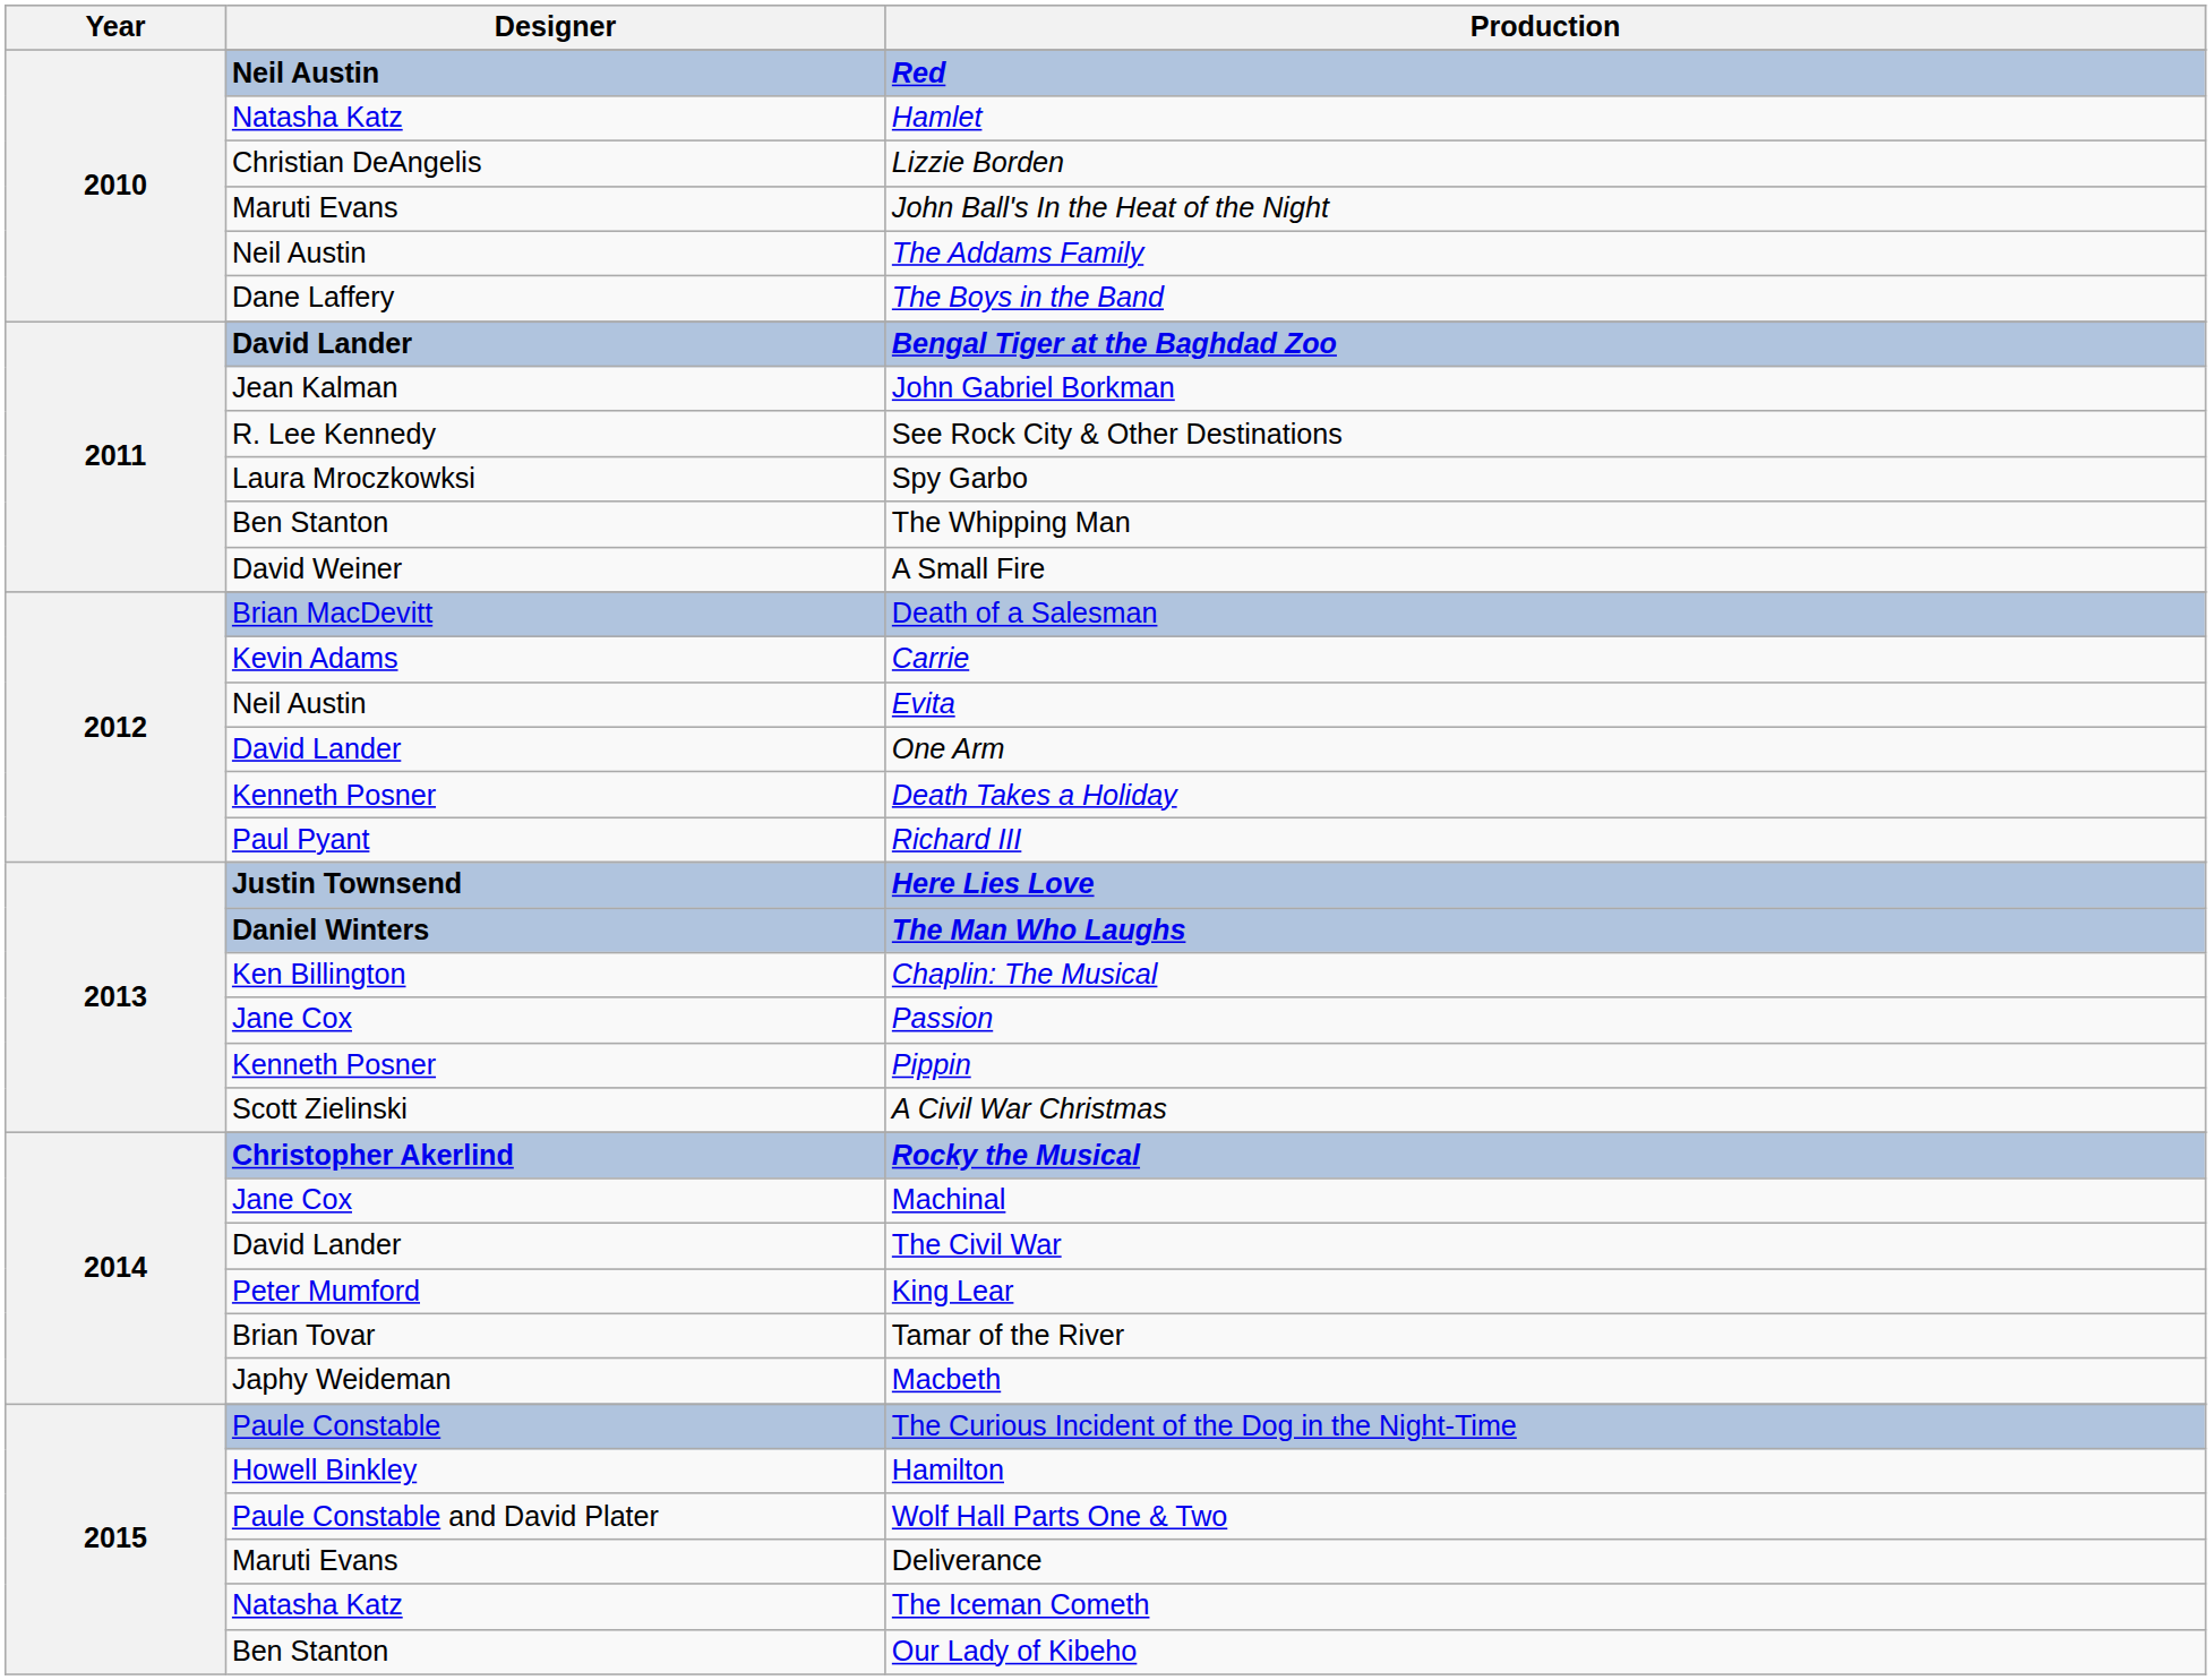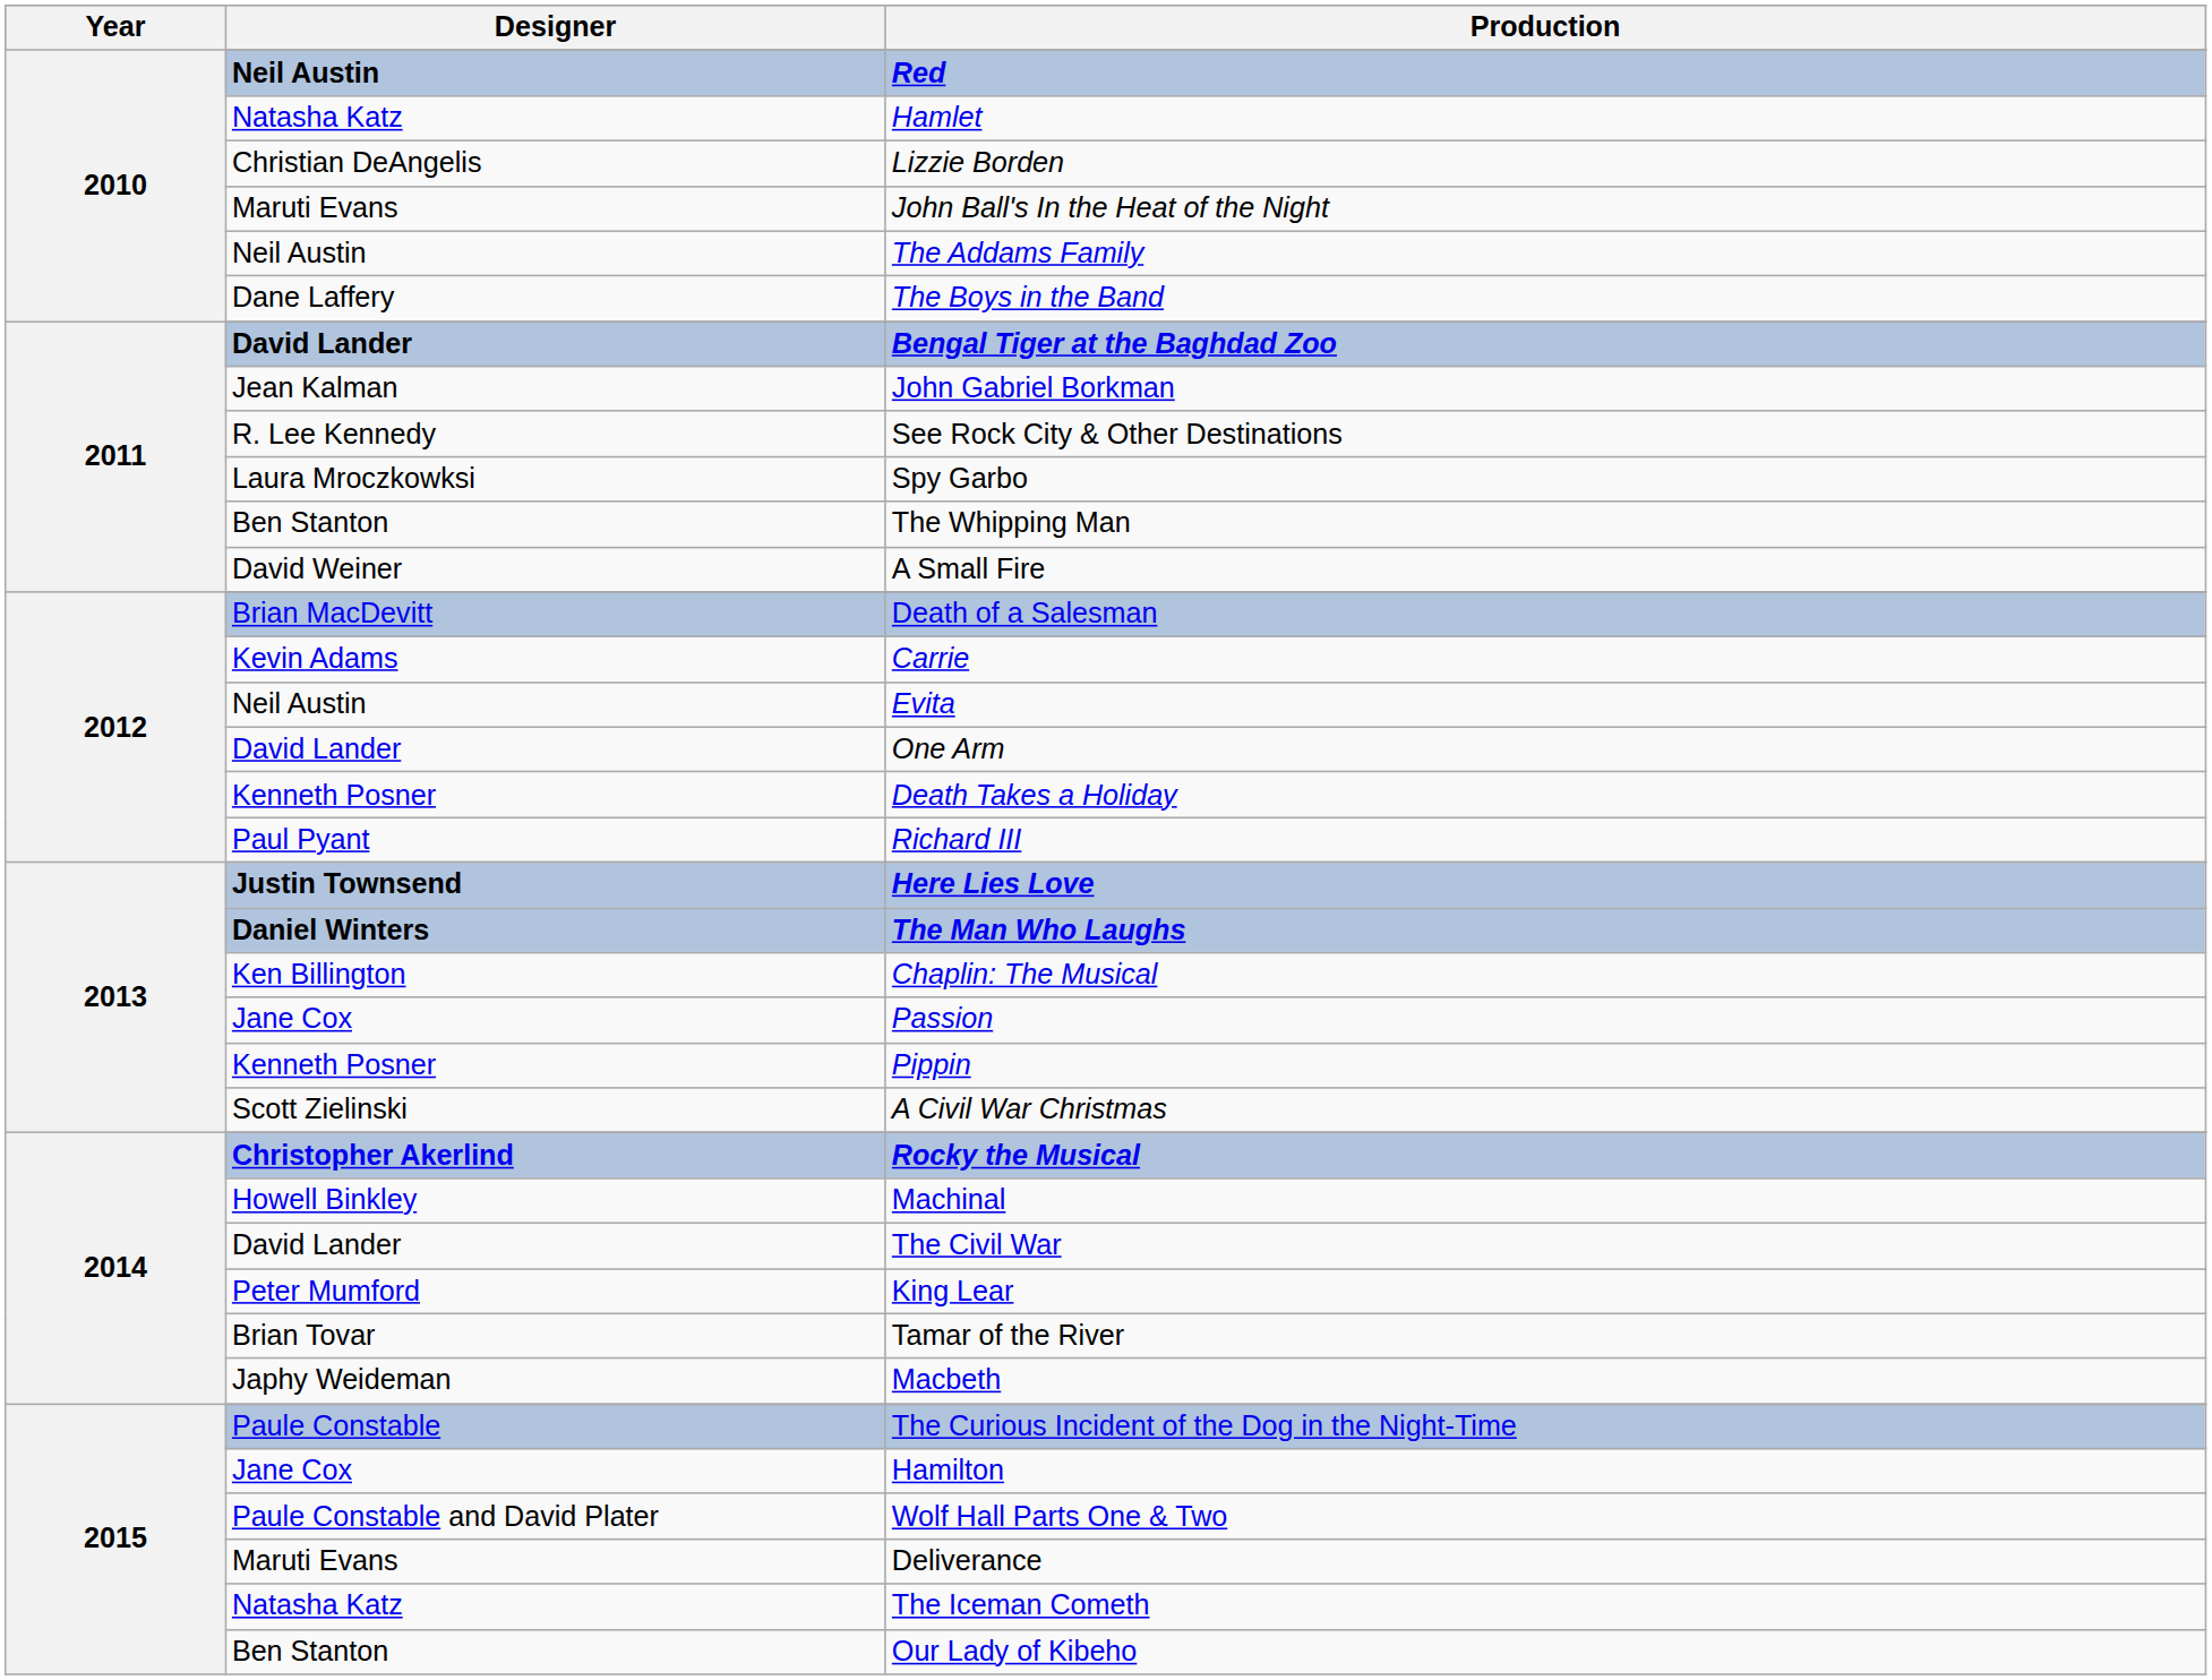 <table class="wikitable" style="width:98%;">
 <tr style="background:#bebebe;">
 <th style="width:10%;">Year</th>
 <th style="width:30%;">Designer</th>
 <th style="width:60%;">Production</th>
 </tr>
 <tr>
 <th rowspan="7">2010</th>
 </tr>
 <tr style="background:#B0C4DE">
 <td><strong>Neil Austin</strong></td>
 <td><strong><em><a href='#'>Red</a></em></strong></td>
 </tr>
 <tr>
 <td><a href='#'>Natasha Katz</a></td>
 <td><em><a href='#'>Hamlet</a></em></td>
 </tr>
 <tr>
 <td>Christian DeAngelis</td>
 <td><em>Lizzie Borden</em></td>
 </tr>
 <tr>
 <td>Maruti Evans</td>
 <td><em>John Ball's In the Heat of the Night</em></td>
 </tr>
 <tr>
 <td>Neil Austin</td>
 <td><em><a href='#'>The Addams Family</a></em></td>
 </tr>
 <tr>
 <td>Dane Laffery</td>
 <td><em><a href='#'>The Boys in the Band</a></em></td>
 </tr>
 <tr>
 <th rowspan="7">2011</th>
 </tr>
 <tr style="background:#B0C4DE">
 <td><strong>David Lander</strong></td>
 <td><strong><em><a href='#'>Bengal Tiger at the Baghdad Zoo</a><em> <strong></td>
 </tr>
 <tr>
 <td>Jean Kalman</td>
 <td></em><a href='#'>John Gabriel Borkman</a><em></td>
 </tr>
 <tr>
 <td>R. Lee Kennedy</td>
 <td></em>See Rock City & Other Destinations<em></td>
 </tr>
 <tr>
 <td>Laura Mroczkowksi</td>
 <td></em>Spy Garbo<em></td>
 </tr>
 <tr>
 <td>Ben Stanton</td>
 <td></em>The Whipping Man<em></td>
 </tr>
 <tr>
 <td>David Weiner</td>
 <td></em>A Small Fire<em></td>
 </tr>
 <tr>
 <th rowspan="7">2012</th>
 </tr>
 <tr style="background:#B0C4DE">
 <td></strong><a href='#'>Brian MacDevitt</a><strong></td>
 <td></em></strong><a href='#'>Death of a Salesman</a></em> </strong></td>
 </tr>
 <tr>
 <td><a href='#'>Kevin Adams</a></td>
 <td><em><a href='#'>Carrie</a></em></td>
 </tr>
 <tr>
 <td>Neil Austin</td>
 <td><em><a href='#'>Evita</a></em></td>
 </tr>
 <tr>
 <td><a href='#'>David Lander</a></td>
 <td><em>One Arm</em></td>
 </tr>
 <tr>
 <td><a href='#'>Kenneth Posner</a></td>
 <td><em><a href='#'>Death Takes a Holiday</a></em></td>
 </tr>
 <tr>
 <td><a href='#'>Paul Pyant</a></td>
 <td><em><a href='#'>Richard III</a></em></td>
 </tr>
 <tr>
 <th rowspan="7">2013</th>
 </tr>
 <tr style="background:#B0C4DE">
 <td><strong>Justin Townsend</strong></td>
 <td><strong><em><a href='#'>Here Lies Love</a></em></strong></td>
 </tr>
 <tr style="background:#B0C4DE">
 <td><strong>Daniel Winters</strong></td>
 <td><strong><em><a href='#'>The Man Who Laughs</a></em></strong></td>
 </tr>
 <tr>
 <td><a href='#'>Ken Billington</a></td>
 <td><em><a href='#'>Chaplin: The Musical</a></em></td>
 </tr>
 <tr>
 <td><a href='#'>Jane Cox</a></td>
 <td><em><a href='#'>Passion</a></em></td>
 </tr>
 <tr>
 <td><a href='#'>Kenneth Posner</a></td>
 <td><em><a href='#'>Pippin</a></em></td>
 </tr>
 <tr>
 <td>Scott Zielinski</td>
 <td><em>A Civil War Christmas</em></td>
 </tr>
 <tr>
 <th rowspan="7">2014</th>
 </tr>
 <tr style="background:#B0C4DE">
 <td><strong><a href='#'>Christopher Akerlind</a></strong></td>
 <td><strong><em><a href='#'>Rocky the Musical</a><em> <strong></td>
 </tr>
 <tr>
-<td><a href='#'>Jane Cox</a></td>
+<td><a href='#'>Howell Binkley</a></td>
 <td></em><a href='#'>Machinal</a><em></td>
 </tr>
 <tr>
 <td>David Lander</td>
 <td></em><a href='#'>The Civil War</a><em></td>
 </tr>
 <tr>
 <td><a href='#'>Peter Mumford</a></td>
 <td></em><a href='#'>King Lear</a><em></td>
 </tr>
 <tr>
 <td>Brian Tovar</td>
 <td></em>Tamar of the River<em></td>
 </tr>
 <tr>
 <td>Japhy Weideman</td>
 <td></em><a href='#'>Macbeth</a><em></td>
 </tr>
 <tr>
 <th rowspan="7">2015</th>
 </tr>
 <tr style="background:#B0C4DE">
 <td></strong><a href='#'>Paule Constable</a><strong></td>
 <td></em></strong><a href='#'>The Curious Incident of the Dog in the Night-Time</a><strong><em></td>
 </tr>
 <tr>
-<td><a href='#'>Howell Binkley</a></td>
+<td><a href='#'>Jane Cox</a></td>
 <td></em><a href='#'>Hamilton</a><em></td>
 </tr>
 <tr>
 <td><a href='#'>Paule Constable</a> and David Plater</td>
 <td></em><a href='#'>Wolf Hall Parts One & Two</a><em></td>
 </tr>
 <tr>
 <td>Maruti Evans</td>
 <td></em>Deliverance<em></td>
 </tr>
 <tr>
 <td><a href='#'>Natasha Katz</a></td>
 <td></em><a href='#'>The Iceman Cometh</a><em></td>
 </tr>
 <tr>
 <td>Ben Stanton</td>
 <td></em><a href='#'>Our Lady of Kibeho</a><em></td>
 </tr>
 </table>
